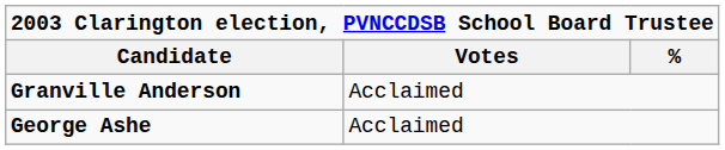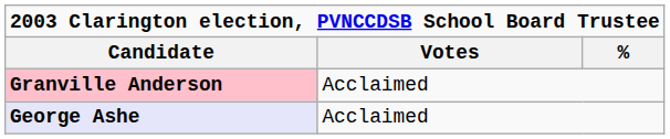 <table class="wikitable">
 <tr>
 <td Colspan="3" align="center"><strong>2003 Clarington election, <a href='#'>PVNCCDSB</a> School  Board Trustee</strong></td>
 </tr>
 <tr>
 <th bgcolor="#DDDDFF" width="200px">Candidate</th>
 <th bgcolor="#DDDDFF">Votes</th>
 <th bgcolor="#DDDDFF">%</th>
 </tr>
 <tr>
-<td><strong>Granville Anderson</strong></td>
+<td style="background: pink;"><strong>Granville Anderson</strong></td>
 <td colspan="2">Acclaimed</td>
 </tr>
 <tr>
-<td><strong>George Ashe</strong></td>
+<td style="background: lavender;"><strong>George Ashe</strong></td>
 <td colspan="2">Acclaimed</td>
 </tr>
 </table>
